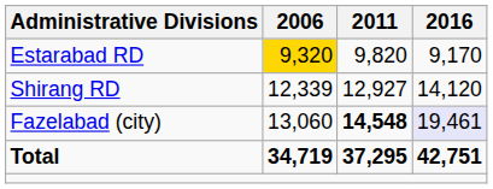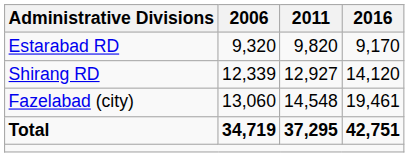 <table class="wikitable">
 <tr>
 <th>Administrative Divisions</th>
 <th>2006</th>
 <th>2011</th>
 <th>2016</th>
 </tr>
 <tr>
 <td><a href='#'>Estarabad RD</a></td>
-<td style="background: gold; text-align: right;">9,320</td>
+<td style="text-align: right;">9,320</td>
 <td style="text-align: right;">9,820</td>
 <td style="text-align: right;">9,170</td>
 </tr>
 <tr>
 <td><a href='#'>Shirang RD</a></td>
 <td style="text-align: right;">12,339</td>
 <td style="text-align: right;">12,927</td>
 <td style="text-align: right;">14,120</td>
 </tr>
 <tr>
 <td><a href='#'>Fazelabad</a> (city)</td>
 <td style="text-align: right;">13,060</td>
-<td style="text-align: right;"><strong>14,548</strong></td>
-<td style="background: lavender; text-align: right;">19,461</td>
+<td style="text-align: right;">14,548</td>
+<td style="text-align: right;">19,461</td>
 </tr>
 <tr>
 <td><strong>Total</strong></td>
 <td style="text-align: right;"><strong>34,719</strong></td>
 <td style="text-align: right;"><strong>37,295</strong></td>
 <td style="text-align: right;"><strong>42,751</strong></td>
 </tr>
 <tr>
 <td colspan=4></td>
 </tr>
 </table>
